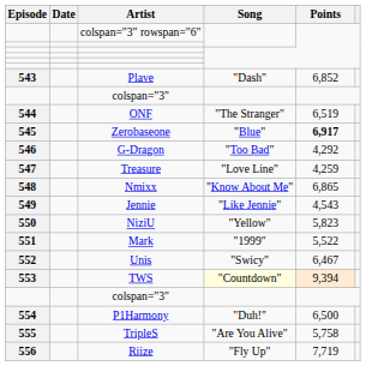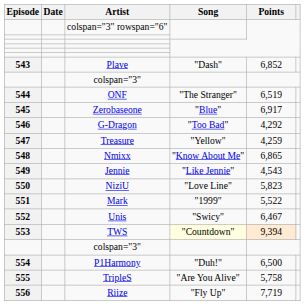 <table class="wikitable plainrowheaders sortable" style="text-align:center">
 <tr>
 <th scope="col">Episode</th>
 <th scope="col">Date</th>
 <th scope="col">Artist</th>
 <th scope="col">Song</th>
 <th scope="col">Points</th>
 <th class=unsortable></th>
 </tr>
 <tr>
 <td></td>
 <td></td>
 <td>colspan="3" rowspan="6" </td>
 <td style="text-align:center" rowspan="2"></td>
 </tr>
 <tr>
 <td></td>
 <td></td>
 </tr>
 <tr>
 <td></td>
 <td></td>
 <td style="text-align:center"></td>
 </tr>
 <tr>
 <td></td>
 <td></td>
 <td style="text-align:center"></td>
 </tr>
 <tr>
 <td></td>
 <td></td>
 <td style="text-align:center"></td>
 </tr>
 <tr>
 <td></td>
 <td></td>
 <td style="text-align:center"></td>
 </tr>
 <tr>
 <th scope="row" style="text-align:center">543</th>
 <td></td>
 <td><a href='#'>Plave</a></td>
 <td>"Dash"</td>
 <td>6,852</td>
 <td></td>
 </tr>
 <tr>
 <td></td>
 <td></td>
 <td>colspan="3" </td>
 <td style="text-align:center"></td>
 </tr>
 <tr>
 <th scope="row" style="text-align:center">544</th>
 <td></td>
 <td><a href='#'>ONF</a></td>
 <td>"The Stranger"</td>
 <td>6,519</td>
 <td></td>
 </tr>
 <tr>
 <th scope="row" style="text-align:center">545</th>
 <td></td>
 <td><a href='#'>Zerobaseone</a></td>
 <td>"<a href='#'>Blue</a>"</td>
-<td><strong>6,917</strong></td>
+<td>6,917</td>
 <td></td>
 </tr>
 <tr>
 <th scope="row" style="text-align:center">546</th>
 <td></td>
 <td><a href='#'>G-Dragon</a></td>
 <td>"<a href='#'>Too Bad</a>"</td>
 <td>4,292</td>
 <td></td>
 </tr>
 <tr>
 <th scope="row" style="text-align:center">547</th>
 <td></td>
 <td><a href='#'>Treasure</a></td>
-<td>"Love Line"</td>
+<td>"Yellow"</td>
 <td>4,259</td>
 <td></td>
 </tr>
 <tr>
 <th scope="row" style="text-align:center">548</th>
 <td></td>
 <td><a href='#'>Nmixx</a></td>
 <td>"<a href='#'>Know About Me</a>"</td>
 <td>6,865</td>
 <td></td>
 </tr>
 <tr>
 <th scope="row" style="text-align:center">549</th>
 <td></td>
 <td><a href='#'>Jennie</a></td>
 <td>"<a href='#'>Like Jennie</a>"</td>
 <td>4,543</td>
 <td></td>
 </tr>
 <tr>
 <th scope="row" style="text-align:center">550</th>
 <td></td>
 <td><a href='#'>NiziU</a></td>
-<td>"Yellow"</td>
+<td>"Love Line"</td>
 <td>5,823</td>
 <td></td>
 </tr>
 <tr>
 <th scope="row" style="text-align:center">551</th>
 <td></td>
 <td><a href='#'>Mark</a></td>
 <td>"1999"</td>
 <td>5,522</td>
 <td></td>
 </tr>
 <tr>
 <th scope="row" style="text-align:center">552</th>
 <td></td>
 <td><a href='#'>Unis</a></td>
 <td>"Swicy"</td>
 <td>6,467</td>
 <td></td>
 </tr>
 <tr>
 <th scope="row" style="text-align:center">553</th>
 <td></td>
 <td><a href='#'>TWS</a></td>
 <td style="background: lightyellow;">"Countdown"</td>
 <td width="75px" style="background:#FFEBD2">9,394</td>
 <td></td>
 </tr>
 <tr>
 <td></td>
 <td></td>
 <td>colspan="3" </td>
 <td style="text-align:center"></td>
 </tr>
 <tr>
 <th scope="row" style="text-align:center">554</th>
 <td></td>
 <td><a href='#'>P1Harmony</a></td>
 <td>"Duh!"</td>
 <td>6,500</td>
 <td></td>
 </tr>
 <tr>
 <th scope="row" style="text-align:center">555</th>
 <td></td>
 <td><a href='#'>TripleS</a></td>
 <td>"Are You Alive"</td>
 <td>5,758</td>
 <td></td>
 </tr>
 <tr>
 <th scope="row" style="text-align:center">556</th>
 <td></td>
 <td><a href='#'>Riize</a></td>
 <td>"Fly Up"</td>
 <td>7,719</td>
 <td></td>
 </tr>
 </table>
